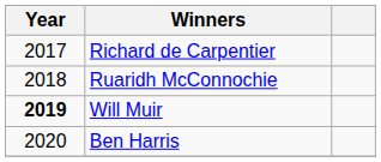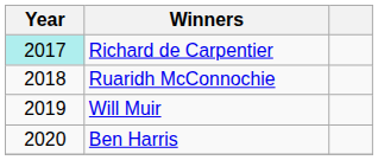 <table class="wikitable">
 <tr>
 <th width=60>Year</th>
 <th width=200>Winners</th>
 <th width=30></th>
 </tr>
 <tr>
-<td align=center>2017</td>
+<td align=center style="background: paleturquoise;">2017</td>
 <td><a href='#'>Richard de Carpentier</a></td>
 <td align=center></td>
 </tr>
 <tr>
 <td align=center>2018</td>
 <td><a href='#'>Ruaridh McConnochie</a></td>
 <td align=center></td>
 </tr>
 <tr>
-<td align=center><strong>2019</strong></td>
+<td align=center>2019</td>
 <td><a href='#'>Will Muir</a></td>
 <td align=center></td>
 </tr>
 <tr>
 <td align=center>2020</td>
 <td><a href='#'>Ben Harris</a></td>
 <td align=center></td>
 </tr>
 <tr>
 </tr>
 </table>
